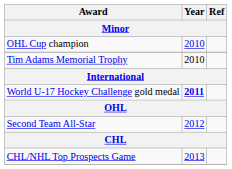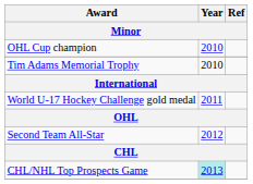 <table class="wikitable">
 <tr>
 <th scope="col">Award</th>
 <th scope="col">Year</th>
 <th scope="col">Ref</th>
 </tr>
 <tr>
 <th colspan="3"><a href='#'>Minor</a></th>
 </tr>
 <tr>
 <td><a href='#'>OHL Cup</a> champion</td>
 <td><a href='#'>2010</a></td>
 <td></td>
 </tr>
 <tr>
 </tr>
 <tr>
 <td><a href='#'>Tim Adams Memorial Trophy</a></td>
 <td>2010</td>
 <td></td>
 </tr>
 <tr>
 <th colspan="3"><a href='#'>International</a></th>
 </tr>
 <tr>
 <td><a href='#'>World U-17 Hockey Challenge</a> gold medal</td>
-<td><strong><a href='#'>2011</a></strong></td>
+<td><a href='#'>2011</a></td>
 <td></td>
 </tr>
 <tr>
 <th colspan="3"><a href='#'>OHL</a></th>
 </tr>
 <tr>
 <td><a href='#'> Second Team All-Star</a></td>
 <td><a href='#'>2012</a></td>
 <td></td>
 </tr>
 <tr>
 <th colspan="3"><a href='#'>CHL</a></th>
 </tr>
 <tr>
 <td><a href='#'>CHL/NHL Top Prospects Game</a></td>
-<td><a href='#'>2013</a></td>
+<td style="background: paleturquoise;"><a href='#'>2013</a></td>
 <td></td>
 </tr>
 <tr>
 </tr>
 </table>
